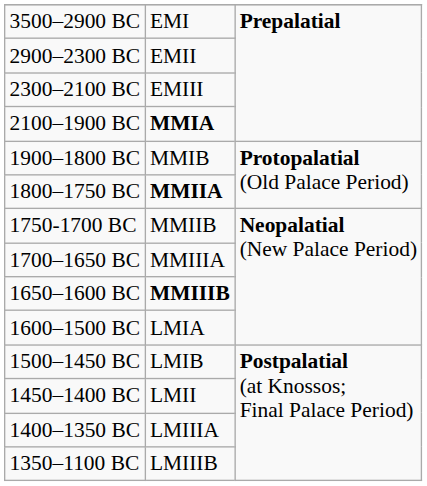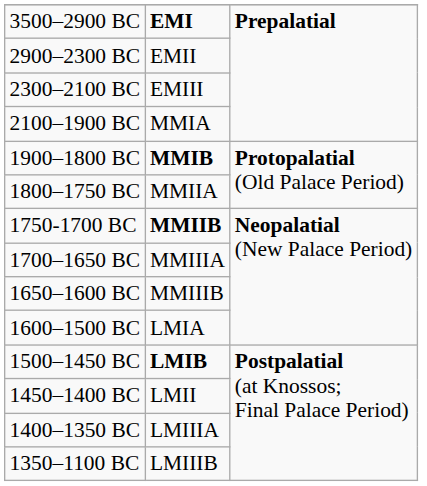 <table class="wikitable floatright border: gray solid 1px; text-align: center; background: white;">
 <tr style="background: #ececec;">
 </tr>
 <tr>
 <td>3500–2900 BC</td>
-<td>EMI</td>
+<td><strong>EMI</strong></td>
 <td rowspan="4" style="vertical-align:top;"><strong>Prepalatial</strong></td>
 </tr>
 <tr>
 <td>2900–2300 BC</td>
 <td>EMII</td>
 </tr>
 <tr>
 <td>2300–2100 BC</td>
 <td>EMIII</td>
 </tr>
 <tr>
 <td>2100–1900 BC</td>
-<td><strong>MMIA</strong></td>
+<td>MMIA</td>
 </tr>
 <tr>
 <td>1900–1800 BC</td>
-<td>MMIB</td>
+<td><strong>MMIB</strong></td>
 <td rowspan="2" style="vertical-align:top;"><strong>Protopalatial</strong><br>(Old Palace Period)</td>
 </tr>
 <tr>
 <td>1800–1750 BC</td>
-<td><strong>MMIIA</strong></td>
+<td>MMIIA</td>
 </tr>
 <tr>
 <td>1750-1700 BC</td>
-<td>MMIIB</td>
+<td><strong>MMIIB</strong></td>
 <td rowspan="4" style="vertical-align:top;"><strong>Neopalatial</strong><br>(New Palace Period)</td>
 </tr>
 <tr>
 <td>1700–1650 BC</td>
 <td>MMIIIA</td>
 </tr>
 <tr>
 <td>1650–1600 BC</td>
-<td><strong>MMIIIB</strong></td>
+<td>MMIIIB</td>
 </tr>
 <tr>
 <td>1600–1500 BC</td>
 <td>LMIA</td>
 </tr>
 <tr>
 <td>1500–1450 BC</td>
-<td>LMIB</td>
+<td><strong>LMIB</strong></td>
 <td rowspan="4" style="vertical-align:top;"><strong>Postpalatial</strong><br> (at Knossos;<br> Final Palace Period)</td>
 </tr>
 <tr>
 <td>1450–1400 BC</td>
 <td>LMII</td>
 </tr>
 <tr>
 <td>1400–1350 BC</td>
 <td>LMIIIA</td>
 </tr>
 <tr>
 <td>1350–1100 BC</td>
 <td>LMIIIB</td>
 </tr>
 </table>
